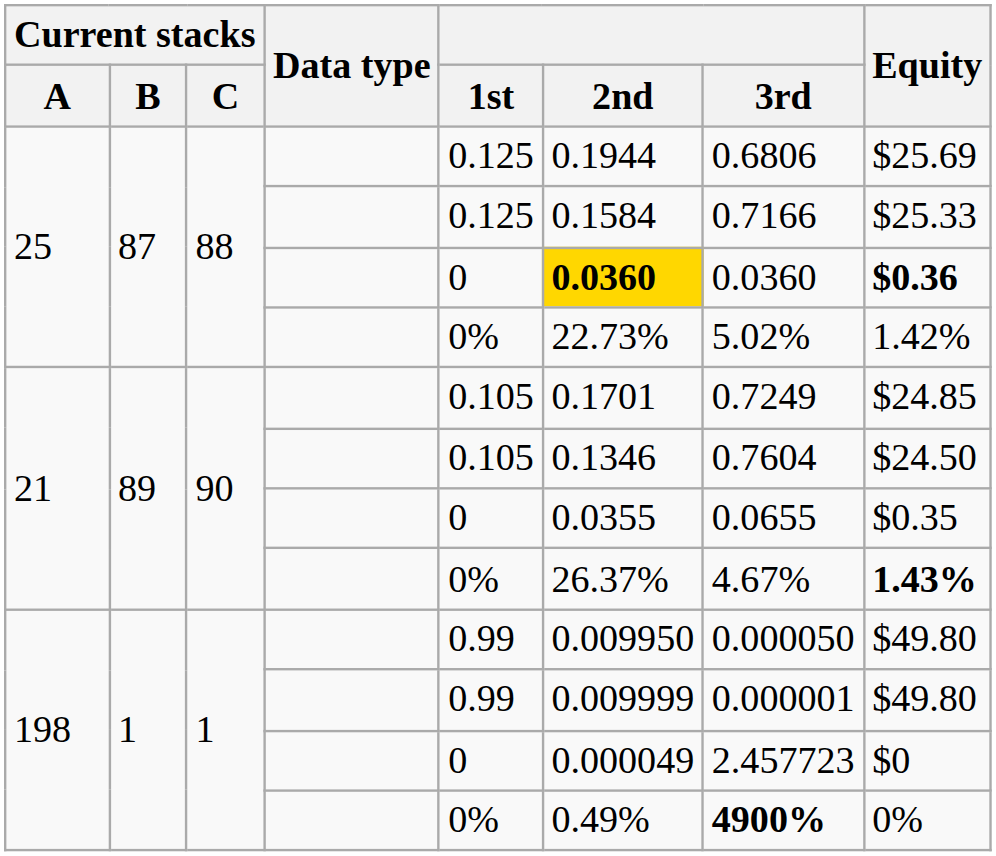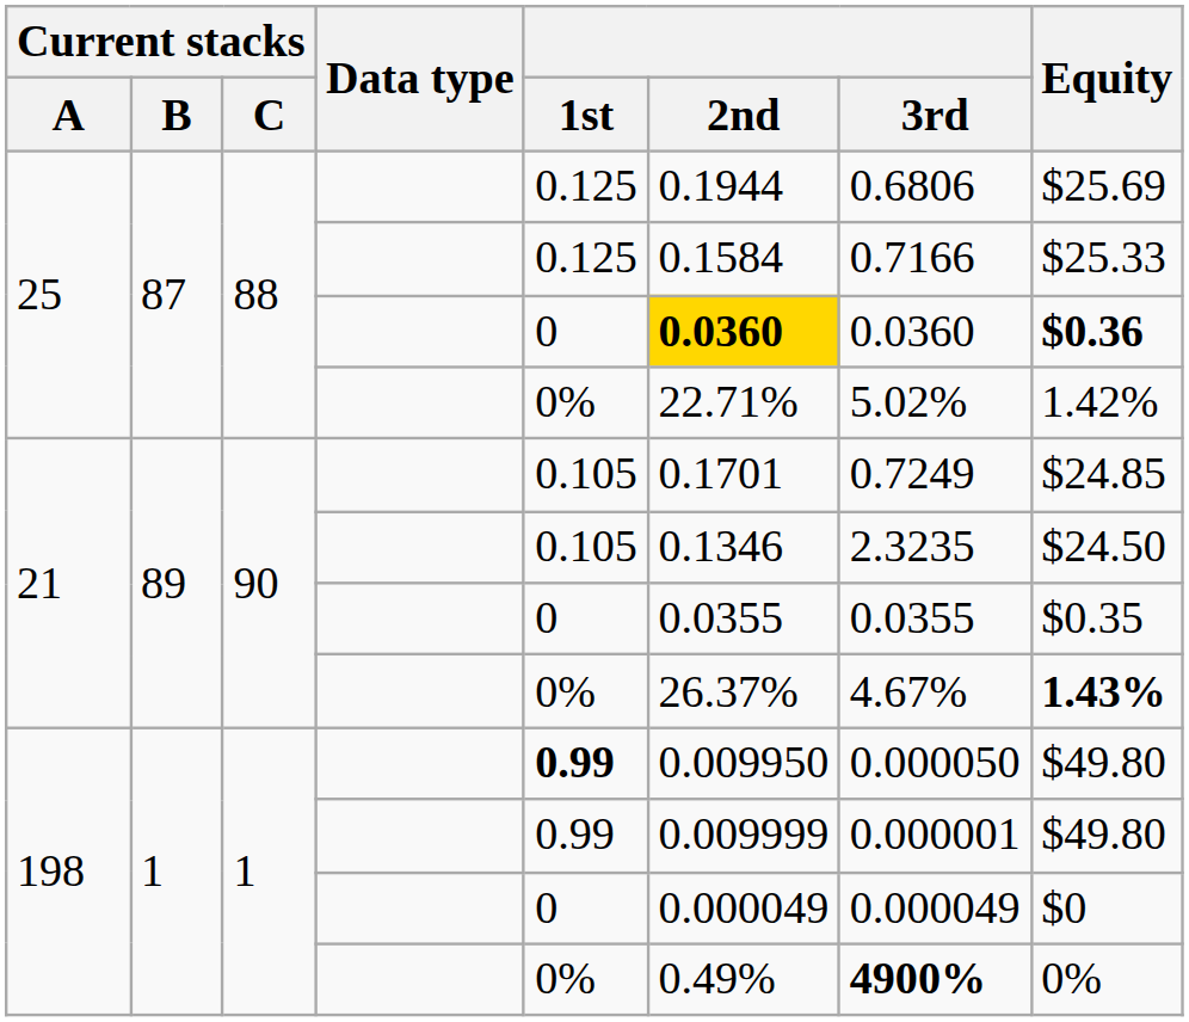 <table class="wikitable">
 <tr>
 <th colspan=3>Current stacks</th>
 <th rowspan=2>Data type</th>
 <th colspan=3></th>
 <th rowspan=2>Equity</th>
 </tr>
 <tr>
 <th>A</th>
 <th>B</th>
 <th>C</th>
 <th>1st</th>
 <th>2nd</th>
 <th>3rd</th>
 </tr>
 <tr>
 <td rowspan=4>25</td>
 <td rowspan=4>87</td>
 <td rowspan=4>88</td>
 <td></td>
 <td>0.125</td>
 <td>0.1944</td>
 <td>0.6806</td>
 <td>$25.69</td>
 </tr>
 <tr>
 <td></td>
 <td>0.125</td>
 <td>0.1584</td>
 <td>0.7166</td>
 <td>$25.33</td>
 </tr>
 <tr>
 <td></td>
 <td>0</td>
 <td style="background: gold;"><strong>0.0360</strong></td>
 <td>0.0360</td>
 <td><strong>$0.36</strong></td>
 </tr>
 <tr>
 <td></td>
 <td>0%</td>
-<td>22.73%</td>
+<td>22.71%</td>
 <td>5.02%</td>
 <td>1.42%</td>
 </tr>
 <tr>
 <td rowspan=4>21</td>
 <td rowspan=4>89</td>
 <td rowspan=4>90</td>
 <td></td>
 <td>0.105</td>
 <td>0.1701</td>
 <td>0.7249</td>
 <td>$24.85</td>
 </tr>
 <tr>
 <td></td>
 <td>0.105</td>
 <td>0.1346</td>
-<td>0.7604</td>
+<td>2.3235</td>
 <td>$24.50</td>
 </tr>
 <tr>
 <td></td>
 <td>0</td>
 <td>0.0355</td>
-<td>0.0655</td>
+<td>0.0355</td>
 <td>$0.35</td>
 </tr>
 <tr>
 <td></td>
 <td>0%</td>
 <td>26.37%</td>
 <td>4.67%</td>
 <td><strong>1.43%</strong></td>
 </tr>
 <tr>
 <td rowspan=4>198</td>
 <td rowspan=4>1</td>
 <td rowspan=4>1</td>
 <td></td>
-<td>0.99</td>
+<td><strong>0.99</strong></td>
 <td>0.009950</td>
 <td>0.000050</td>
 <td>$49.80</td>
 </tr>
 <tr>
 <td></td>
 <td>0.99</td>
 <td>0.009999</td>
 <td>0.000001</td>
 <td>$49.80</td>
 </tr>
 <tr>
 <td></td>
 <td>0</td>
 <td>0.000049</td>
-<td>2.457723</td>
+<td>0.000049</td>
 <td>$0</td>
 </tr>
 <tr>
 <td></td>
 <td>0%</td>
 <td>0.49%</td>
 <td><strong>4900%</strong></td>
 <td>0%</td>
 </tr>
 </table>
